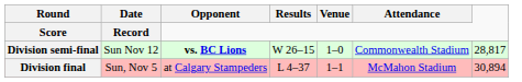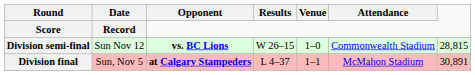 <table class="wikitable" style="text-align:center">
 <tr>
 <th>Round</th>
 <th>Date</th>
 <th>Opponent</th>
 <th>Results</th>
 <th>Venue</th>
 <th>Attendance</th>
 </tr>
 <tr>
 <th>Score</th>
 <th>Record</th>
 </tr>
 <tr style="background:#ddffdd">
 <th>Division semi-final</th>
 <td>Sun Nov 12</td>
 <td><strong>vs. <a href='#'>BC Lions</a></strong></td>
 <td>W 26–15</td>
 <td>1–0</td>
 <td><a href='#'>Commonwealth Stadium</a></td>
-<td>28,817</td>
+<td>28,815</td>
 </tr>
 <tr style="background:#ffbbbb">
 <th>Division final</th>
 <td>Sun, Nov 5</td>
-<td>at <a href='#'>Calgary Stampeders</a></td>
+<td><strong>at <a href='#'>Calgary Stampeders</a></strong></td>
 <td>L 4–37</td>
 <td>1–1</td>
 <td><a href='#'>McMahon Stadium</a></td>
-<td>30,894</td>
+<td>30,891</td>
 </tr>
 </table>
